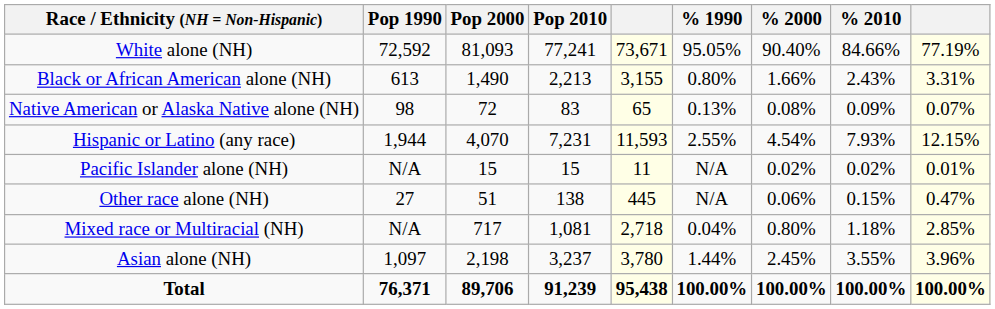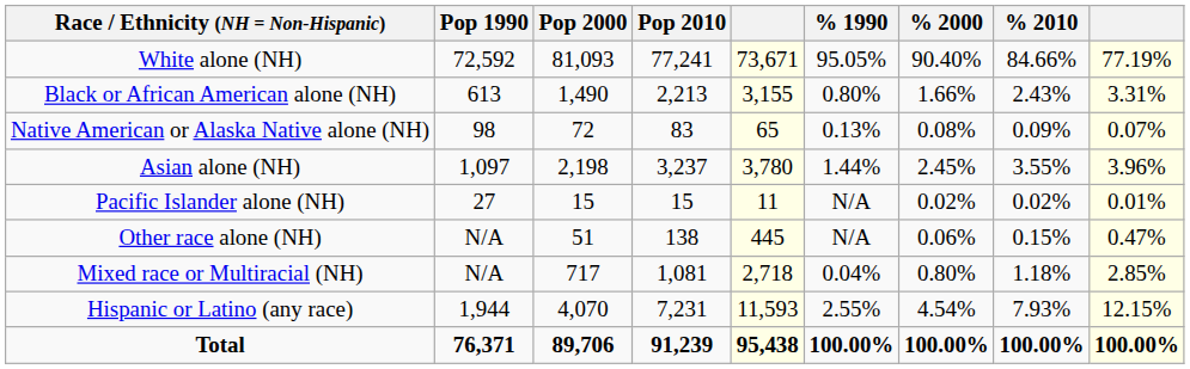 <table class="wikitable" style="text-align:center;">
 <tr>
 <th>Race / Ethnicity <small>(<em>NH = Non-Hispanic</em>)</small></th>
 <th>Pop 1990</th>
 <th>Pop 2000</th>
 <th>Pop 2010</th>
 <th></th>
 <th>% 1990</th>
 <th>% 2000</th>
 <th>% 2010</th>
 <th></th>
 </tr>
 <tr>
 <td><a href='#'>White</a> alone (NH)</td>
 <td>72,592</td>
 <td>81,093</td>
 <td>77,241</td>
 <td style='background: #ffffe6;'>73,671</td>
 <td>95.05%</td>
 <td>90.40%</td>
 <td>84.66%</td>
 <td style='background: #ffffe6;'>77.19%</td>
 </tr>
 <tr>
 <td><a href='#'>Black or African American</a> alone (NH)</td>
 <td>613</td>
 <td>1,490</td>
 <td>2,213</td>
 <td style='background: #ffffe6;'>3,155</td>
 <td>0.80%</td>
 <td>1.66%</td>
 <td>2.43%</td>
 <td style='background: #ffffe6;'>3.31%</td>
 </tr>
 <tr>
 <td><a href='#'>Native American</a> or <a href='#'>Alaska Native</a> alone (NH)</td>
 <td>98</td>
 <td>72</td>
 <td>83</td>
 <td style='background: #ffffe6;'>65</td>
 <td>0.13%</td>
 <td>0.08%</td>
 <td>0.09%</td>
 <td style='background: #ffffe6;'>0.07%</td>
 </tr>
 <tr>
-<td><a href='#'>Hispanic or Latino</a> (any race)</td>
-<td>1,944</td>
-<td>4,070</td>
-<td>7,231</td>
-<td style='background: #ffffe6;'>11,593</td>
-<td>2.55%</td>
-<td>4.54%</td>
-<td>7.93%</td>
-<td style='background: #ffffe6;'>12.15%</td>
+<td><a href='#'>Asian</a> alone (NH)</td>
+<td>1,097</td>
+<td>2,198</td>
+<td>3,237</td>
+<td style='background: #ffffe6;'>3,780</td>
+<td>1.44%</td>
+<td>2.45%</td>
+<td>3.55%</td>
+<td style='background: #ffffe6;'>3.96%</td>
 </tr>
 <tr>
 <td><a href='#'>Pacific Islander</a> alone (NH)</td>
-<td>N/A</td>
+<td>27</td>
 <td>15</td>
 <td>15</td>
 <td style='background: #ffffe6;'>11</td>
 <td>N/A</td>
 <td>0.02%</td>
 <td>0.02%</td>
 <td style='background: #ffffe6;'>0.01%</td>
 </tr>
 <tr>
 <td><a href='#'>Other race</a> alone (NH)</td>
-<td>27</td>
+<td>N/A</td>
 <td>51</td>
 <td>138</td>
 <td style='background: #ffffe6;'>445</td>
 <td>N/A</td>
 <td>0.06%</td>
 <td>0.15%</td>
 <td style='background: #ffffe6;'>0.47%</td>
 </tr>
 <tr>
 <td><a href='#'>Mixed race or Multiracial</a> (NH)</td>
 <td>N/A</td>
 <td>717</td>
 <td>1,081</td>
 <td style='background: #ffffe6;'>2,718</td>
 <td>0.04%</td>
 <td>0.80%</td>
 <td>1.18%</td>
 <td style='background: #ffffe6;'>2.85%</td>
 </tr>
 <tr>
-<td><a href='#'>Asian</a> alone (NH)</td>
-<td>1,097</td>
-<td>2,198</td>
-<td>3,237</td>
-<td style='background: #ffffe6;'>3,780</td>
-<td>1.44%</td>
-<td>2.45%</td>
-<td>3.55%</td>
-<td style='background: #ffffe6;'>3.96%</td>
+<td><a href='#'>Hispanic or Latino</a> (any race)</td>
+<td>1,944</td>
+<td>4,070</td>
+<td>7,231</td>
+<td style='background: #ffffe6;'>11,593</td>
+<td>2.55%</td>
+<td>4.54%</td>
+<td>7.93%</td>
+<td style='background: #ffffe6;'>12.15%</td>
 </tr>
 <tr>
 <td><strong>Total</strong></td>
 <td><strong>76,371</strong></td>
 <td><strong>89,706</strong></td>
 <td><strong>91,239</strong></td>
 <td style='background: #ffffe6;'><strong>95,438</strong></td>
 <td><strong>100.00%</strong></td>
 <td><strong>100.00%</strong></td>
 <td><strong>100.00%</strong></td>
 <td style='background: #ffffe6;'><strong>100.00%</strong></td>
 </tr>
 </table>
